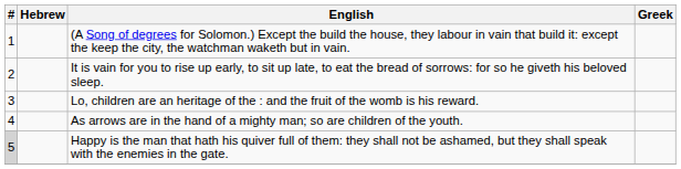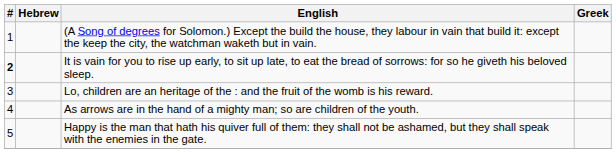 <table class=wikitable>
 <tr>
 <th>#</th>
 <th>Hebrew</th>
 <th>English</th>
 <th>Greek</th>
 </tr>
 <tr>
 <td style="text-align:right">1</td>
 <td style="text-align:right"></td>
 <td>(A <a href='#'>Song of degrees</a> for Solomon.) Except the  build the house, they labour in vain that build it: except the  keep the city, the watchman waketh but in vain.</td>
 <td></td>
 </tr>
 <tr>
-<td style="text-align:right">2</td>
+<td style="text-align:right"><strong>2</strong></td>
 <td style="text-align:right"></td>
 <td>It is vain for you to rise up early, to sit up late, to eat the bread of sorrows: for so he giveth his beloved sleep.</td>
 <td></td>
 </tr>
 <tr>
 <td style="text-align:right">3</td>
 <td style="text-align:right"></td>
 <td>Lo, children are an heritage of the : and the fruit of the womb is his reward.</td>
 <td></td>
 </tr>
 <tr>
 <td style="text-align:right">4</td>
 <td style="text-align:right"></td>
 <td>As arrows are in the hand of a mighty man; so are children of the youth.</td>
 <td></td>
 </tr>
 <tr>
-<td style="background: lightgrey; text-align:right">5</td>
+<td style="text-align:right">5</td>
 <td style="text-align:right"></td>
 <td>Happy is the man that hath his quiver full of them: they shall not be ashamed, but they shall speak with the enemies in the gate.</td>
 <td></td>
 </tr>
 <tr>
 </tr>
 </table>
